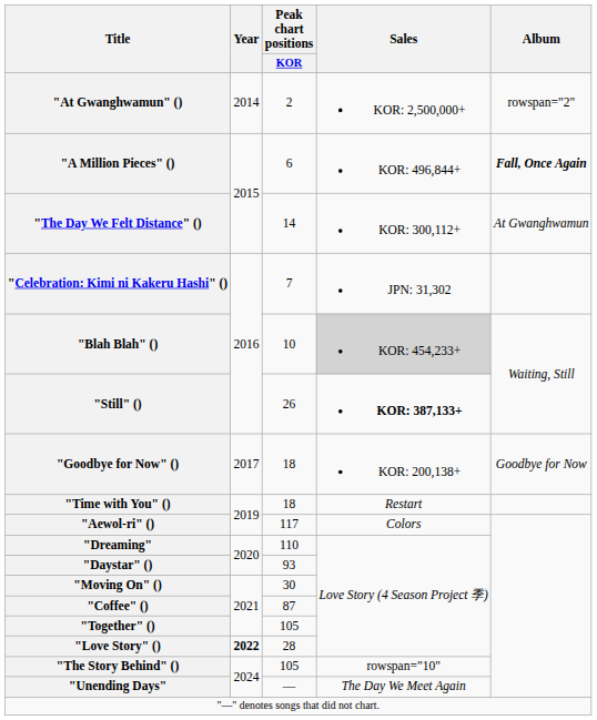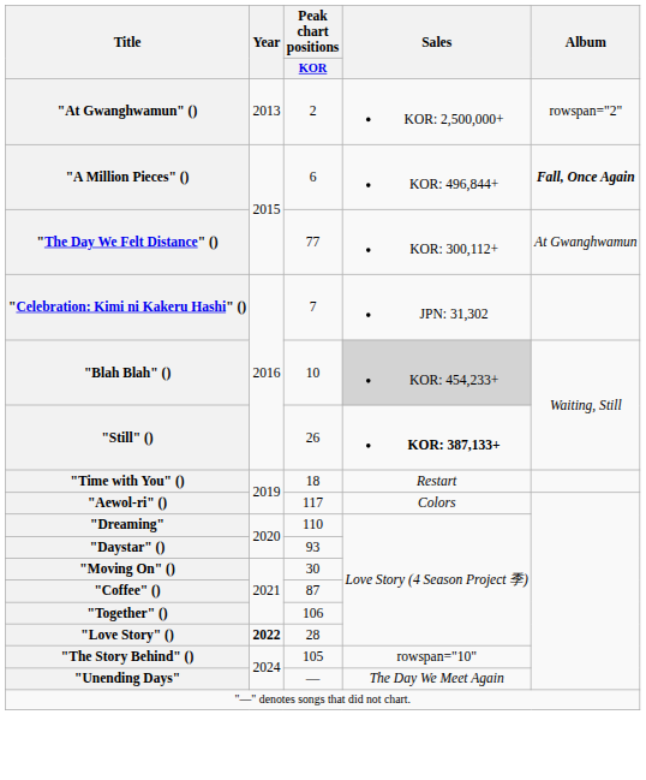 <table class="wikitable plainrowheaders" style="text-align:center;">
 <tr>
 <th scope=col rowspan="2">Title</th>
 <th scope=col rowspan="2">Year</th>
 <th scope=col colspan="1">Peak<br>chart<br>positions</th>
 <th scope=col rowspan="2">Sales</th>
 <th scope=col rowspan="2">Album</th>
 </tr>
 <tr>
 <th style="width:3em;font-size:90%;"><a href='#'>KOR</a><br></th>
 </tr>
 <tr>
 <th scope=row>"At Gwanghwamun" ()</th>
-<td>2014</td>
+<td>2013</td>
 <td>2</td>
 <td><br><ul><li>KOR: 2,500,000+</li></ul></td>
 <td>rowspan="2" </td>
 </tr>
 <tr>
 <th scope=row>"A Million Pieces" ()</th>
 <td rowspan="2">2015</td>
 <td>6</td>
 <td><br><ul><li>KOR: 496,844+</li></ul></td>
 <td><strong><em>Fall, Once Again</em></strong></td>
 </tr>
 <tr>
 <th scope=row>"<a href='#'>The Day We Felt Distance</a>" ()</th>
-<td>14</td>
+<td>77</td>
 <td><br><ul><li>KOR: 300,112+</li></ul></td>
 <td><em>At Gwanghwamun</em></td>
 </tr>
 <tr>
 <th scope=row>"<a href='#'>Celebration: Kimi ni Kakeru Hashi</a>" ()</th>
 <td rowspan=3>2016</td>
 <td>7</td>
 <td><br><ul><li>JPN: 31,302 </li></ul></td>
 </tr>
 <tr>
 <th scope=row>"Blah Blah" ()</th>
 <td>10</td>
 <td style="background: lightgrey;"><br><ul><li>KOR: 454,233+</li></ul></td>
 <td rowspan=2><em>Waiting, Still</em></td>
 </tr>
 <tr>
 <th scope=row>"Still" ()</th>
 <td>26</td>
 <td><strong><br><ul><li>KOR: 387,133+</li></ul></strong></td>
-</tr>
-<tr>
-<th scope=row>"Goodbye for Now" ()</th>
-<td>2017</td>
-<td>18</td>
-<td><br><ul><li>KOR: 200,138+</li></ul></td>
-<td><em>Goodbye for Now</em></td>
 </tr>
 <tr>
 <th scope=row>"Time with You" ()</th>
 <td rowspan="2">2019</td>
 <td>18</td>
 <td><em>Restart</em></td>
 <td></td>
 </tr>
 <tr>
 <th scope=row>"Aewol-ri" ()</th>
 <td>117</td>
 <td><em>Colors</em></td>
 </tr>
 <tr>
 <th scope=row>"Dreaming"</th>
 <td rowspan="2">2020</td>
 <td>110</td>
 <td rowspan="6"><em>Love Story (4 Season Project 季)</em></td>
 </tr>
 <tr>
 <th scope=row>"Daystar" ()</th>
 <td>93</td>
 </tr>
 <tr>
 <th scope=row>"Moving On" ()</th>
 <td rowspan="3">2021</td>
 <td>30</td>
 </tr>
 <tr>
 <th scope=row>"Coffee" ()</th>
 <td>87</td>
 </tr>
 <tr>
 <th scope=row>"Together" ()</th>
-<td>105</td>
+<td>106</td>
 </tr>
 <tr>
 <th scope=row>"Love Story" ()</th>
 <td><strong>2022</strong></td>
 <td>28</td>
 </tr>
 <tr>
 <th scope=row>"The Story Behind" ()</th>
 <td rowspan="2">2024</td>
 <td>105</td>
 <td>rowspan="10" </td>
 </tr>
 <tr>
 <th scope=row>"Unending Days"</th>
 <td>—</td>
 <td><em>The Day We Meet Again</em></td>
 </tr>
 <tr>
 <td colspan="5" style="font-size:85%;">"—" denotes songs that did not chart.</td>
 </tr>
 </table>
